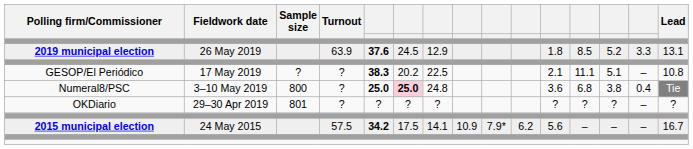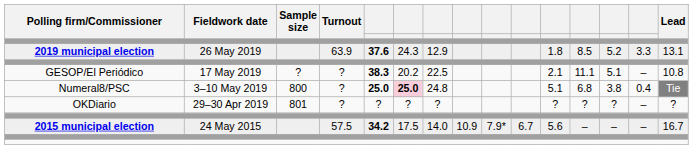 <table class="wikitable collapsible collapsed" style="text-align:center; font-size:95%; line-height:16px;">
 <tr style="height:42px;">
 <th style="width:250px;" rowspan="2">Polling firm/Commissioner</th>
 <th style="width:125px;" rowspan="2">Fieldwork date</th>
 <th style="width:50px;" rowspan="2">Sample size</th>
 <th style="width:45px;" rowspan="2">Turnout</th>
 <th style="width:35px;"></th>
 <th style="width:35px;"></th>
 <th style="width:35px;"></th>
 <th style="width:35px;"></th>
 <th style="width:35px;"></th>
 <th style="width:35px;"></th>
 <th style="width:35px;"></th>
 <th style="width:35px;"></th>
 <th style="width:35px;"></th>
 <th style="width:35px;"></th>
 <th style="width:30px;" rowspan="2">Lead</th>
 </tr>
 <tr>
 <th style="color:inherit;background:"></th>
 <th style="color:inherit;background:"></th>
 <th style="color:inherit;background:"></th>
 <th style="color:inherit;background:"></th>
 <th style="color:inherit;background:"></th>
 <th style="color:inherit;background:"></th>
 <th style="color:inherit;background:"></th>
 <th style="color:inherit;background:"></th>
 <th style="color:inherit;background:"></th>
 <th style="color:inherit;background:"></th>
 </tr>
 <tr>
 <td colspan="15" style="background:#A0A0A0"></td>
 </tr>
 <tr style="background:#EFEFEF;">
 <td><strong><a href='#'>2019 municipal election</a></strong></td>
 <td>26 May 2019</td>
 <td></td>
 <td>63.9</td>
 <td><strong>37.6</strong><br></td>
-<td>24.5<br></td>
+<td>24.3<br></td>
 <td>12.9<br></td>
 <td></td>
 <td></td>
 <td></td>
 <td>1.8<br></td>
 <td>8.5<br></td>
 <td>5.2<br></td>
 <td>3.3<br></td>
 <td style="background:">13.1</td>
 </tr>
 <tr>
 <td colspan="15" style="background:#A0A0A0"></td>
 </tr>
 <tr>
 <td>GESOP/El Periódico</td>
 <td>17 May 2019</td>
 <td>?</td>
 <td>?</td>
 <td><strong>38.3</strong><br></td>
 <td>20.2<br></td>
 <td>22.5<br></td>
 <td></td>
 <td></td>
 <td></td>
 <td>2.1<br></td>
 <td>11.1<br></td>
 <td>5.1<br></td>
 <td>–</td>
 <td style="background:">10.8</td>
 </tr>
 <tr>
 <td>Numeral8/PSC</td>
 <td>3–10 May 2019</td>
 <td>800</td>
 <td>?</td>
 <td><strong>25.0</strong><br></td>
 <td style="background:#F9CEDA;"><strong>25.0</strong><br></td>
 <td>24.8<br></td>
 <td></td>
 <td></td>
 <td></td>
-<td>3.6<br></td>
+<td>5.1<br></td>
 <td>6.8<br></td>
 <td>3.8<br></td>
 <td>0.4<br></td>
 <td style="background:gray; color:white;">Tie</td>
 </tr>
 <tr>
 <td>OKDiario</td>
 <td>29–30 Apr 2019</td>
 <td>801</td>
 <td>?</td>
 <td>?<br></td>
 <td>?<br></td>
 <td>?<br></td>
 <td></td>
 <td></td>
 <td></td>
 <td>?<br></td>
 <td>?<br></td>
 <td>?<br></td>
 <td>–</td>
 <td style="background:">?</td>
 </tr>
 <tr>
 <td colspan="15" style="background:#A0A0A0"></td>
 </tr>
 <tr style="background:#EFEFEF;">
 <td><strong><a href='#'>2015 municipal election</a></strong></td>
 <td>24 May 2015</td>
 <td></td>
 <td>57.5</td>
 <td><strong>34.2</strong><br></td>
 <td>17.5<br></td>
-<td>14.1<br></td>
+<td>14.0<br></td>
 <td>10.9<br></td>
 <td>7.9*<br></td>
-<td>6.2<br></td>
+<td>6.7<br></td>
 <td>5.6<br></td>
 <td>–</td>
 <td>–</td>
 <td>–</td>
 <td style="background:">16.7</td>
 </tr>
 <tr>
 <td colspan="15" style="background:#A0A0A0"></td>
 </tr>
 <tr>
 <td align="left" colspan="15"></td>
 </tr>
 </table>
